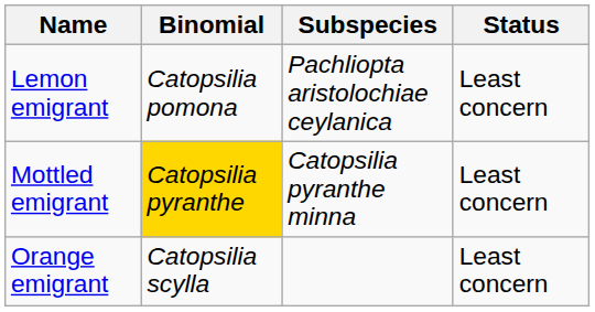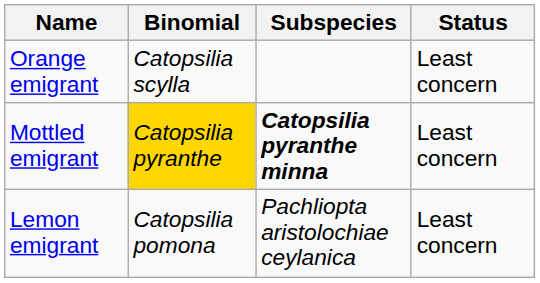 <table width=60% class="wikitable">
 <tr>
 <th width=20%>Name</th>
 <th width=20%>Binomial</th>
 <th width=20%>Subspecies</th>
 <th width=20%>Status</th>
 </tr>
 <tr>
+<td><a href='#'>Orange emigrant</a><br> </td>
+<td><em>Catopsilia scylla</em></td>
+<td></td>
+<td>Least concern</td>
+</tr>
+<tr>
+<td><a href='#'>Mottled emigrant</a><br>  </td>
+<td style="background: gold;"><em>Catopsilia pyranthe</em></td>
+<td><strong><em>Catopsilia pyranthe minna</em></strong></td>
+<td>Least concern</td>
+</tr>
+<tr>
 <td><a href='#'>Lemon emigrant</a><br>  </td>
 <td><em>Catopsilia pomona</em></td>
 <td><em>Pachliopta aristolochiae ceylanica</em></td>
 <td>Least concern</td>
 </tr>
-<tr>
-<td><a href='#'>Mottled emigrant</a><br>  </td>
-<td style="background: gold;"><em>Catopsilia pyranthe</em></td>
-<td><em>Catopsilia pyranthe minna</em></td>
-<td>Least concern</td>
-</tr>
-<tr>
-<td><a href='#'>Orange emigrant</a><br> </td>
-<td><em>Catopsilia scylla</em></td>
-<td></td>
-<td>Least concern</td>
-</tr>
 </table>
